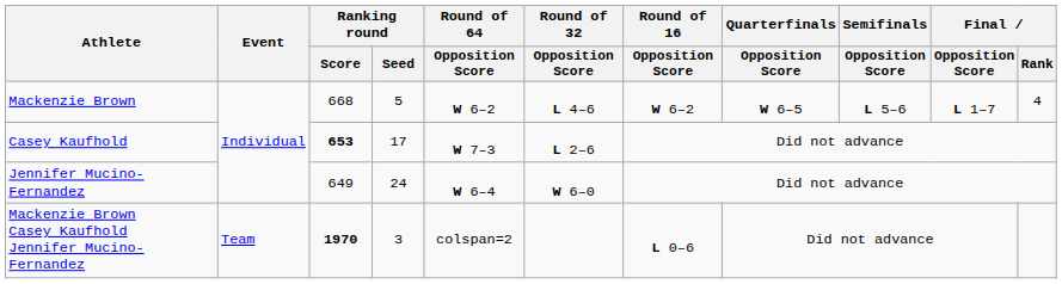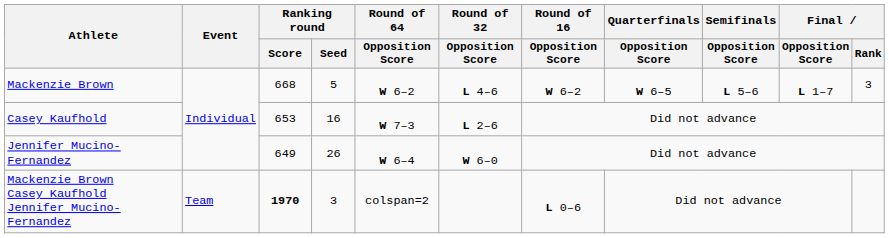 <table class=wikitable style=font-size:90%;text-align:center>
 <tr>
 <th rowspan=2>Athlete</th>
 <th rowspan=2>Event</th>
 <th colspan=2>Ranking round</th>
 <th>Round of 64</th>
 <th>Round of 32</th>
 <th>Round of 16</th>
 <th>Quarterfinals</th>
 <th>Semifinals</th>
 <th colspan=2>Final / </th>
 </tr>
 <tr style=font-size:95%>
 <th>Score</th>
 <th>Seed</th>
 <th>Opposition<br>Score</th>
 <th>Opposition<br>Score</th>
 <th>Opposition<br>Score</th>
 <th>Opposition<br>Score</th>
 <th>Opposition<br>Score</th>
 <th>Opposition<br>Score</th>
 <th>Rank</th>
 </tr>
 <tr>
 <td align=left><a href='#'>Mackenzie Brown</a></td>
 <td align=left rowspan=3><a href='#'>Individual</a></td>
 <td>668</td>
 <td>5</td>
 <td><br><strong>W</strong> 6–2</td>
 <td><br><strong>L</strong> 4–6</td>
 <td><br><strong>W</strong> 6–2</td>
 <td><br><strong>W</strong> 6–5</td>
 <td><br><strong>L</strong> 5–6</td>
 <td><br><strong>L</strong> 1–7</td>
-<td>4</td>
+<td>3</td>
 </tr>
 <tr>
 <td align=left><a href='#'>Casey Kaufhold</a></td>
-<td><strong>653</strong></td>
-<td>17</td>
+<td>653</td>
+<td>16</td>
 <td><br><strong>W</strong> 7–3</td>
 <td><br><strong>L</strong> 2–6</td>
 <td colspan=5>Did not advance</td>
 </tr>
 <tr>
 <td align=left><a href='#'>Jennifer Mucino-Fernandez</a></td>
 <td>649</td>
-<td>24</td>
+<td>26</td>
 <td><br><strong>W</strong> 6–4</td>
 <td><br><strong>W</strong> 6–0</td>
 <td colspan=5>Did not advance</td>
 </tr>
 <tr>
 <td align=left><a href='#'>Mackenzie Brown</a><br><a href='#'>Casey Kaufhold</a><br><a href='#'>Jennifer Mucino-Fernandez</a></td>
 <td align=left><a href='#'>Team</a></td>
 <td><strong>1970</strong></td>
 <td>3</td>
 <td>colspan=2 </td>
 <td></td>
 <td><br><strong>L</strong> 0–6</td>
 <td colspan=3>Did not advance</td>
 </tr>
 </table>
